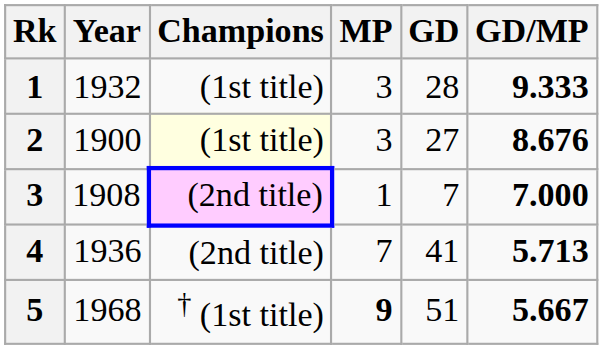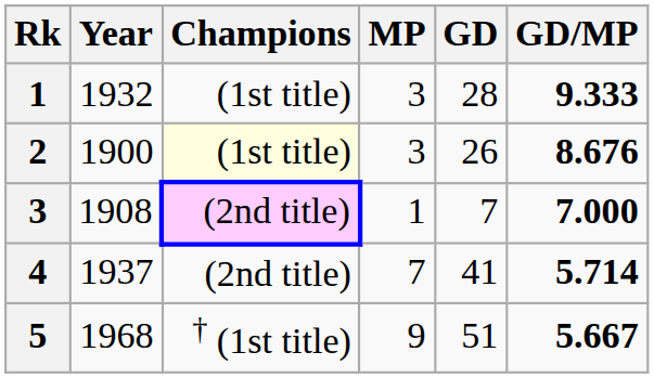 <table class="wikitable sticky-header defaultright col2center col3left" style="text-align: right; margin-left: 1em; margin-right: 1em; display: inline-table;">
 <tr>
 <th scope="col">Rk</th>
 <th scope="col">Year</th>
 <th scope="col">Champions</th>
 <th scope="col">MP</th>
 <th scope="col">GD</th>
 <th scope="col">GD/MP</th>
 </tr>
 <tr>
 <th scope="row">1</th>
 <td>1932</td>
 <td> (1st title)</td>
 <td>3</td>
 <td>28</td>
 <td><strong>9.333</strong></td>
 </tr>
 <tr>
 <th scope="row">2</th>
 <td>1900</td>
 <td style="background: lightyellow;"> (1st title)</td>
 <td>3</td>
-<td>27</td>
+<td>26</td>
 <td><strong>8.676</strong></td>
 </tr>
 <tr>
 <th scope="row">3</th>
 <td>1908</td>
 <td style="border: 2px solid blue; background-color: #ffccff;"> (2nd title)</td>
 <td>1</td>
 <td>7</td>
 <td><strong>7.000</strong></td>
 </tr>
 <tr>
 <th scope="row">4</th>
-<td>1936</td>
+<td>1937</td>
 <td> (2nd title)</td>
 <td>7</td>
 <td>41</td>
-<td><strong>5.713</strong></td>
+<td><strong>5.714</strong></td>
 </tr>
 <tr>
 <th scope="row">5</th>
 <td>1968</td>
 <td><em></em><sup>†</sup> (1st title)</td>
-<td><strong>9</strong></td>
+<td>9</td>
 <td>51</td>
 <td><strong>5.667</strong></td>
 </tr>
 </table>
